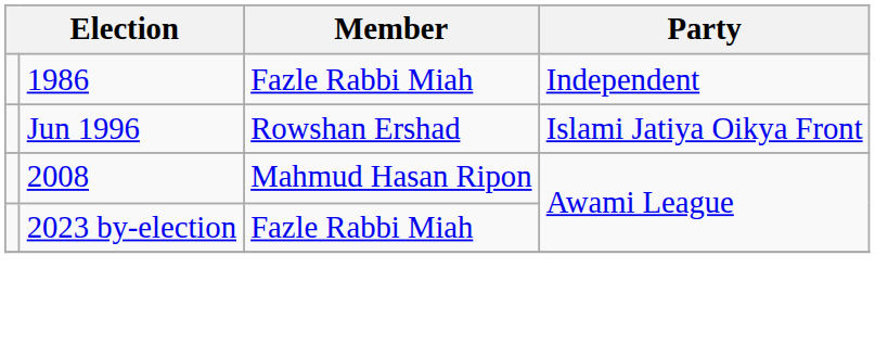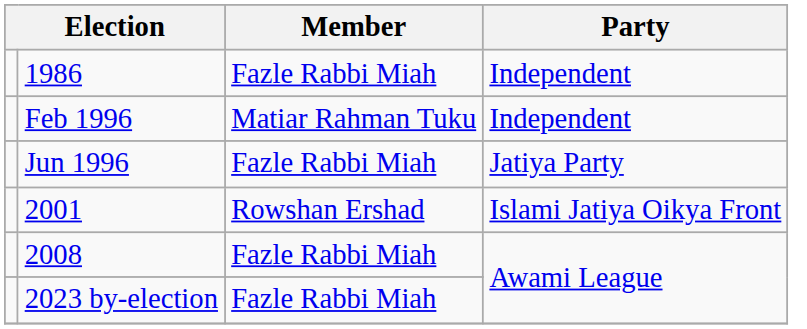 <table class="wikitable">
 <tr>
 <th colspan="2">Election</th>
 <th>Member</th>
 <th>Party</th>
 </tr>
 <tr>
 <td style="background-color:"></td>
 <td><a href='#'>1986</a></td>
 <td><a href='#'>Fazle Rabbi Miah</a></td>
 <td><a href='#'>Independent</a></td>
 </tr>
 <tr>
 <td style="background-color:"></td>
+<td><a href='#'>Feb 1996</a></td>
+<td><a href='#'>Matiar Rahman Tuku</a></td>
+<td><a href='#'>Independent</a></td>
+</tr>
+<tr>
+<td style="background-color:"></td>
 <td><a href='#'>Jun 1996</a></td>
+<td><a href='#'>Fazle Rabbi Miah</a></td>
+<td><a href='#'>Jatiya Party</a></td>
+</tr>
+<tr>
+<td style="background-color:"></td>
+<td><a href='#'>2001</a></td>
 <td><a href='#'>Rowshan Ershad</a></td>
 <td><a href='#'>Islami Jatiya Oikya Front</a></td>
 </tr>
 <tr>
 <td style="background-color:"></td>
 <td><a href='#'>2008</a></td>
-<td><a href='#'>Mahmud Hasan Ripon</a></td>
+<td><a href='#'>Fazle Rabbi Miah</a></td>
 <td rowspan="2"><a href='#'>Awami League</a></td>
 </tr>
 <tr>
 <td style="background-color:"></td>
 <td><a href='#'>2023 by-election</a></td>
 <td><a href='#'>Fazle Rabbi Miah</a></td>
 </tr>
 <tr>
 </tr>
 </table>
